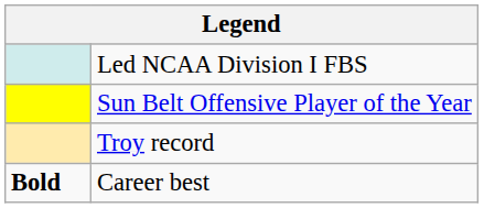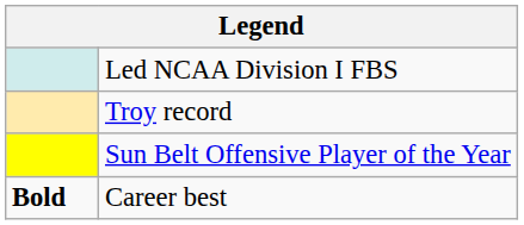 <table class="wikitable">
 <tr>
 <th colspan="2">Legend</th>
 </tr>
 <tr>
 <td style="background:#cfecec;"></td>
 <td>Led NCAA Division I FBS</td>
 </tr>
 <tr>
+<td style="background:#FFEBAD;"></td>
+<td><a href='#'>Troy</a> record</td>
+</tr>
+<tr>
 <td style="background:#ff0; width:3em;"></td>
 <td><a href='#'>Sun Belt Offensive Player of the Year</a></td>
-</tr>
-<tr>
-<td style="background:#FFEBAD;"></td>
-<td><a href='#'>Troy</a> record</td>
 </tr>
 <tr>
 <td><strong>Bold</strong></td>
 <td>Career best</td>
 </tr>
 </table>
